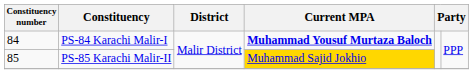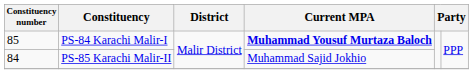 <table class="wikitable">
 <tr>
 <th width="50px" style="font-size:75%">Constituency number</th>
 <th>Constituency</th>
 <th>District</th>
 <th>Current MPA</th>
 <th colspan="2">Party</th>
 </tr>
 <tr>
-<td>84</td>
+<td>85</td>
 <td><a href='#'>PS-84 Karachi Malir-I</a></td>
 <td rowspan="2"><a href='#'>Malir District</a></td>
 <td><strong><a href='#'>Muhammad Yousuf Murtaza Baloch</a></strong></td>
 <td rowspan="2"></td>
 <td rowspan="2"><a href='#'>PPP</a></td>
 </tr>
 <tr>
-<td>85</td>
+<td>84</td>
 <td><a href='#'>PS-85 Karachi Malir-II</a></td>
-<td style="background: gold;"><a href='#'>Muhammad Sajid Jokhio</a></td>
+<td><a href='#'>Muhammad Sajid Jokhio</a></td>
 </tr>
 <tr>
 </tr>
 </table>
